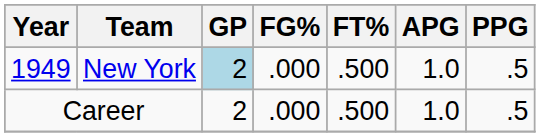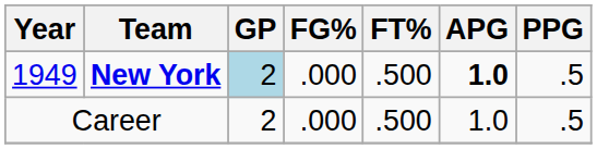 <table class="wikitable sortable" style="font-size:95%; text-align:right;">
 <tr>
 <th>Year</th>
 <th>Team</th>
 <th>GP</th>
 <th>FG%</th>
 <th>FT%</th>
 <th>APG</th>
 <th>PPG</th>
 </tr>
 <tr>
 <td style="text-align:left;"><a href='#'>1949</a></td>
-<td style="text-align:left;"><a href='#'>New York</a></td>
+<td style="text-align:left;"><strong><a href='#'>New York</a></strong></td>
 <td style="background: lightblue;">2</td>
 <td>.000</td>
 <td>.500</td>
-<td>1.0</td>
+<td><strong>1.0</strong></td>
 <td>.5</td>
 </tr>
 <tr>
 <td style="text-align:center;" colspan="2">Career</td>
 <td>2</td>
 <td>.000</td>
 <td>.500</td>
 <td>1.0</td>
 <td>.5</td>
 </tr>
 <tr>
 </tr>
 </table>
